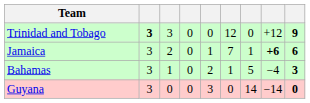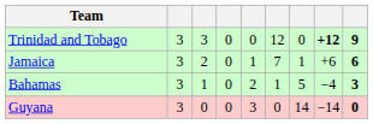 <table class="wikitable" style="text-align: center;">
 <tr>
 <th width="175">Team</th>
 <th width="20"></th>
 <th width="20"></th>
 <th width="20"></th>
 <th width="20"></th>
 <th width="20"></th>
 <th width="20"></th>
 <th width="20"></th>
 <th width="20"></th>
 </tr>
 <tr style="background:#ccffcc;">
 <td align=left>  <a href='#'>Trinidad and Tobago</a></td>
-<td><strong>3</strong></td>
+<td>3</td>
 <td>3</td>
 <td>0</td>
 <td>0</td>
 <td>12</td>
 <td>0</td>
-<td>+12</td>
+<td><strong>+12</strong></td>
 <td><strong>9</strong></td>
 </tr>
 <tr style="background:#ccffcc;">
 <td align=left> <a href='#'>Jamaica</a></td>
 <td>3</td>
 <td>2</td>
 <td>0</td>
 <td>1</td>
 <td>7</td>
 <td>1</td>
-<td><strong>+6</strong></td>
+<td>+6</td>
 <td><strong>6</strong></td>
 </tr>
 <tr style="background:#ccffcc;">
 <td align=left> <a href='#'>Bahamas</a></td>
 <td>3</td>
 <td>1</td>
 <td>0</td>
 <td>2</td>
 <td>1</td>
 <td>5</td>
 <td>−4</td>
 <td><strong>3</strong></td>
 </tr>
 <tr style="background:#ffcccc;">
 <td align=left> <a href='#'>Guyana</a></td>
 <td>3</td>
 <td>0</td>
 <td>0</td>
 <td>3</td>
 <td>0</td>
 <td>14</td>
 <td>−14</td>
 <td><strong>0</strong></td>
 </tr>
 </table>
